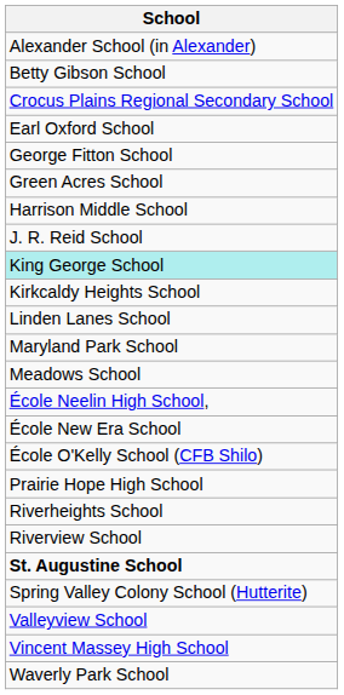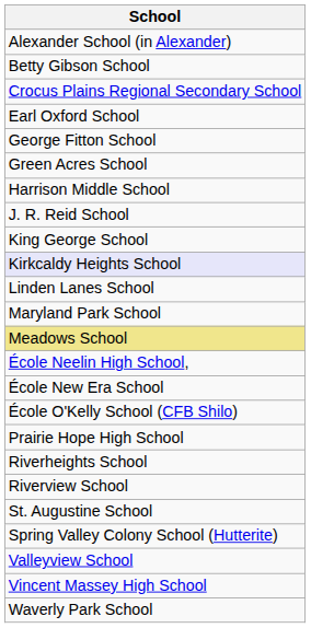 <table class="wikitable">
 <tr>
 <th>School</th>
 </tr>
 <tr>
 <td>Alexander School (in <a href='#'>Alexander</a>)</td>
 </tr>
 <tr>
 <td>Betty Gibson School</td>
 </tr>
 <tr>
 <td><a href='#'>Crocus Plains Regional Secondary School</a></td>
 </tr>
 <tr>
 <td>Earl Oxford School</td>
 </tr>
 <tr>
 <td>George Fitton School</td>
 </tr>
 <tr>
 <td>Green Acres School</td>
 </tr>
 <tr>
 <td>Harrison Middle School</td>
 </tr>
 <tr>
 <td>J. R. Reid School</td>
 </tr>
 <tr>
-<td style="background: paleturquoise;">King George School</td>
+<td>King George School</td>
 </tr>
 <tr>
-<td>Kirkcaldy Heights School</td>
+<td style="background: lavender;">Kirkcaldy Heights School</td>
 </tr>
 <tr>
 <td>Linden Lanes School</td>
 </tr>
 <tr>
 <td>Maryland Park School</td>
 </tr>
 <tr>
-<td>Meadows School</td>
+<td style="background: khaki;">Meadows School</td>
 </tr>
 <tr>
 <td><a href='#'>École Neelin High School</a>,</td>
 </tr>
 <tr>
 <td>École New Era School</td>
 </tr>
 <tr>
 <td>École O'Kelly School (<a href='#'>CFB Shilo</a>)</td>
 </tr>
 <tr>
 <td>Prairie Hope High School</td>
 </tr>
 <tr>
 <td>Riverheights School</td>
 </tr>
 <tr>
 <td>Riverview School</td>
 </tr>
 <tr>
-<td><strong>St. Augustine School</strong></td>
+<td>St. Augustine School</td>
 </tr>
 <tr>
 <td>Spring Valley Colony School (<a href='#'>Hutterite</a>)</td>
 </tr>
 <tr>
 <td><a href='#'>Valleyview School</a></td>
 </tr>
 <tr>
 <td><a href='#'>Vincent Massey High School</a></td>
 </tr>
 <tr>
 <td>Waverly Park School</td>
 </tr>
 </table>
